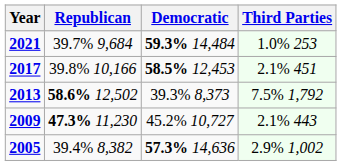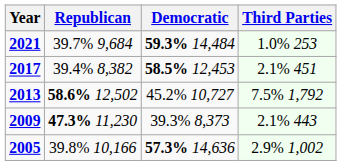 <table class="wikitable" style="float:right; font-size:95%;">
 <tr bgcolor=lightgrey>
 <th>Year</th>
 <th><a href='#'>Republican</a></th>
 <th><a href='#'>Democratic</a></th>
 <th><a href='#'>Third Parties</a></th>
 </tr>
 <tr>
 <td style="text-align:center; "><strong><a href='#'>2021</a></strong></td>
 <td style="text-align:center; ">39.7% <em>9,684</em></td>
 <td style="text-align:center; "><strong>59.3%</strong> <em>14,484</em></td>
 <td style="text-align:center; background:honeyDew;">1.0% <em>253</em></td>
 </tr>
 <tr>
 <td style="text-align:center; "><strong><a href='#'>2017</a></strong></td>
-<td style="text-align:center; ">39.8% <em>10,166</em></td>
+<td style="text-align:center; ">39.4% <em>8,382</em></td>
 <td style="text-align:center; "><strong>58.5%</strong> <em>12,453</em></td>
 <td style="text-align:center; background:honeyDew;">2.1% <em>451</em></td>
 </tr>
 <tr>
 <td style="text-align:center; "><strong><a href='#'>2013</a></strong></td>
 <td style="text-align:center; "><strong>58.6%</strong> <em>12,502</em></td>
-<td style="text-align:center; ">39.3%  <em>8,373</em></td>
+<td style="text-align:center; ">45.2%  <em>10,727</em></td>
 <td style="text-align:center; background:honeyDew;">7.5% <em>1,792</em></td>
 </tr>
 <tr>
 <td style="text-align:center; "><strong><a href='#'>2009</a></strong></td>
 <td style="text-align:center; "><strong>47.3%</strong> <em>11,230</em></td>
-<td style="text-align:center; ">45.2%  <em>10,727</em></td>
+<td style="text-align:center; ">39.3%  <em>8,373</em></td>
 <td style="text-align:center; background:honeyDew;">2.1% <em>443</em></td>
 </tr>
 <tr>
 <td style="text-align:center; "><strong><a href='#'>2005</a></strong></td>
-<td style="text-align:center; ">39.4% <em>8,382</em></td>
+<td style="text-align:center; ">39.8% <em>10,166</em></td>
 <td style="text-align:center; "><strong>57.3%</strong> <em>14,636</em></td>
 <td style="text-align:center; background:honeyDew;">2.9% <em>1,002</em></td>
 </tr>
 </table>
